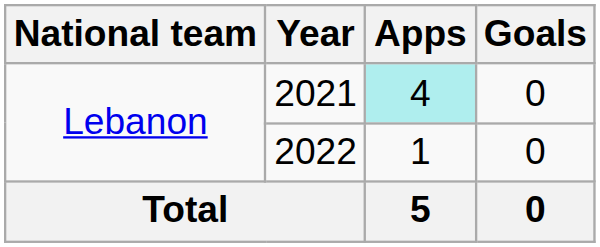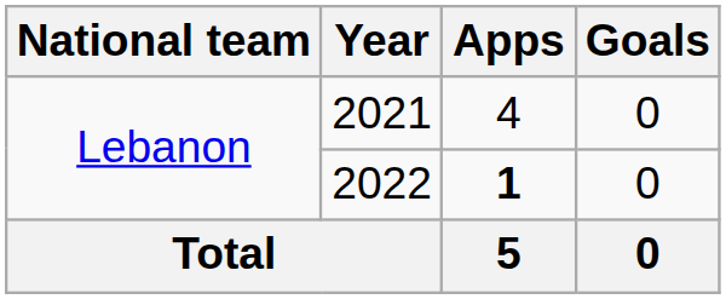 <table class="wikitable" style="text-align:center">
 <tr>
 <th>National team</th>
 <th>Year</th>
 <th>Apps</th>
 <th>Goals</th>
 </tr>
 <tr>
 <td rowspan="2"><a href='#'>Lebanon</a></td>
 <td>2021</td>
-<td style="background: paleturquoise;">4</td>
+<td>4</td>
 <td>0</td>
 </tr>
 <tr>
 <td>2022</td>
-<td>1</td>
+<td><strong>1</strong></td>
 <td>0</td>
 </tr>
 <tr>
 <th colspan="2">Total</th>
 <th>5</th>
 <th>0</th>
 </tr>
 </table>
